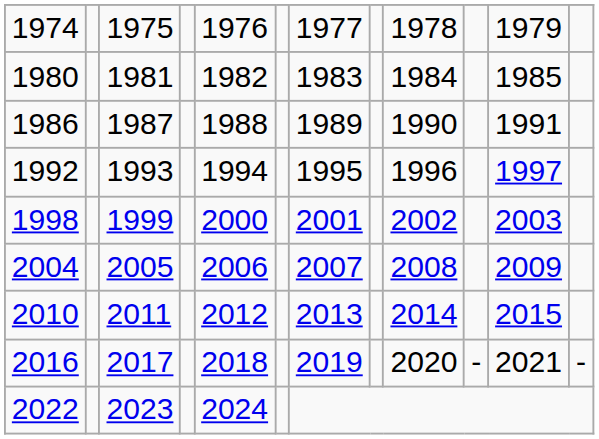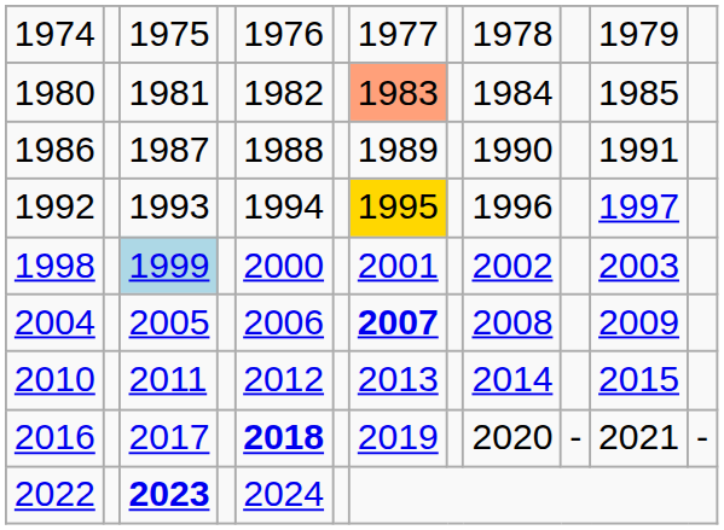 <table class="wikitable">
 <tr>
 <td>1974</td>
 <td></td>
 <td>1975</td>
 <td></td>
 <td>1976</td>
 <td></td>
 <td>1977</td>
 <td></td>
 <td>1978</td>
 <td></td>
 <td>1979</td>
 <td></td>
 </tr>
 <tr>
 <td>1980</td>
 <td></td>
 <td>1981</td>
 <td></td>
 <td>1982</td>
 <td></td>
-<td>1983</td>
+<td style="background: lightsalmon;">1983</td>
 <td></td>
 <td>1984</td>
 <td></td>
 <td>1985</td>
 <td></td>
 </tr>
 <tr>
 <td>1986</td>
 <td></td>
 <td>1987</td>
 <td></td>
 <td>1988</td>
 <td></td>
 <td>1989</td>
 <td></td>
 <td>1990</td>
 <td></td>
 <td>1991</td>
 <td></td>
 </tr>
 <tr>
 <td>1992</td>
 <td></td>
 <td>1993</td>
 <td></td>
 <td>1994</td>
 <td></td>
-<td>1995</td>
+<td style="background: gold;">1995</td>
 <td></td>
 <td>1996</td>
 <td></td>
 <td><a href='#'>1997</a></td>
 <td></td>
 </tr>
 <tr>
 <td><a href='#'>1998</a></td>
 <td></td>
-<td><a href='#'>1999</a></td>
+<td style="background: lightblue;"><a href='#'>1999</a></td>
 <td></td>
 <td><a href='#'>2000</a></td>
 <td></td>
 <td><a href='#'>2001</a></td>
 <td></td>
 <td><a href='#'>2002</a></td>
 <td></td>
 <td><a href='#'>2003</a></td>
 <td></td>
 </tr>
 <tr>
 <td><a href='#'>2004</a></td>
 <td></td>
 <td><a href='#'>2005</a></td>
 <td></td>
 <td><a href='#'>2006</a></td>
 <td></td>
-<td><a href='#'>2007</a></td>
+<td><strong><a href='#'>2007</a></strong></td>
 <td></td>
 <td><a href='#'>2008</a></td>
 <td></td>
 <td><a href='#'>2009</a></td>
 <td></td>
 </tr>
 <tr>
 <td><a href='#'>2010</a></td>
 <td></td>
 <td><a href='#'>2011</a></td>
 <td></td>
 <td><a href='#'>2012</a></td>
 <td></td>
 <td><a href='#'>2013</a></td>
 <td></td>
 <td><a href='#'>2014</a></td>
 <td></td>
 <td><a href='#'>2015</a></td>
 <td></td>
 </tr>
 <tr>
 <td><a href='#'>2016</a></td>
 <td></td>
 <td><a href='#'>2017</a></td>
 <td></td>
-<td><a href='#'>2018</a></td>
+<td><strong><a href='#'>2018</a></strong></td>
 <td></td>
 <td><a href='#'>2019</a></td>
 <td></td>
 <td>2020</td>
 <td>-</td>
 <td>2021</td>
 <td>-</td>
 </tr>
 <tr>
 <td><a href='#'>2022</a></td>
 <td></td>
-<td><a href='#'>2023</a></td>
+<td><strong><a href='#'>2023</a></strong></td>
 <td></td>
 <td><a href='#'>2024</a></td>
 <td></td>
 </tr>
 </table>
